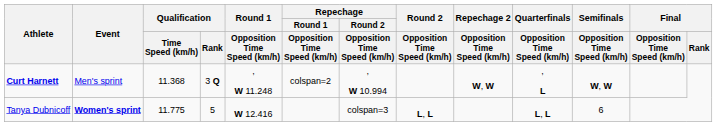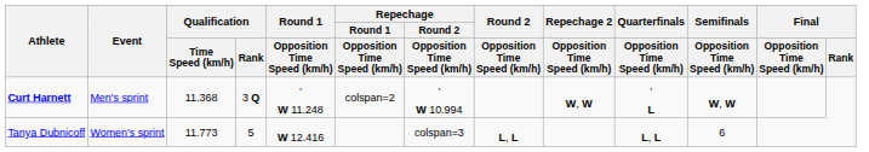 <table class="wikitable" style="font-size:90%">
 <tr>
 <th rowspan=3>Athlete</th>
 <th rowspan=3>Event</th>
 <th rowspan=2 colspan=2>Qualification</th>
 <th rowspan=2>Round 1</th>
 <th colspan=2>Repechage</th>
 <th rowspan=2>Round 2</th>
 <th rowspan=2>Repechage 2</th>
 <th rowspan=2>Quarterfinals</th>
 <th rowspan=2>Semifinals</th>
 <th rowspan=2 colspan=2>Final</th>
 </tr>
 <tr style="font-size:95%">
 <th>Round 1</th>
 <th>Round 2</th>
 </tr>
 <tr style="font-size:95%">
 <th>Time<br>Speed (km/h)</th>
 <th>Rank</th>
 <th>Opposition<br>Time<br>Speed (km/h)</th>
 <th>Opposition<br>Time<br>Speed (km/h)</th>
 <th>Opposition<br>Time<br>Speed (km/h)</th>
 <th>Opposition<br>Time<br>Speed (km/h)</th>
 <th>Opposition<br>Time<br>Speed (km/h)</th>
 <th>Opposition<br>Time<br>Speed (km/h)</th>
 <th>Opposition<br>Time<br>Speed (km/h)</th>
 <th>Opposition<br>Time<br>Speed (km/h)</th>
 <th>Rank</th>
 </tr>
 <tr align=center>
 <td align=left><strong><a href='#'>Curt Harnett</a></strong></td>
 <td align=left><a href='#'>Men's sprint</a></td>
 <td>11.368</td>
 <td>3 <strong>Q</strong></td>
 <td>,<br><br><strong>W</strong> 11.248</td>
 <td>colspan=2</td>
 <td>,<br><br><strong>W</strong> 10.994</td>
 <td></td>
 <td><br><strong>W</strong>, <strong>W</strong></td>
 <td>,<br><br><strong>L</strong></td>
 <td><br><strong>W</strong>, <strong>W</strong></td>
 <td></td>
 </tr>
 <tr align=center>
 <td align=left><a href='#'>Tanya Dubnicoff</a></td>
-<td align=left><strong><a href='#'>Women's sprint</a></strong></td>
-<td>11.775</td>
+<td align=left><a href='#'>Women's sprint</a></td>
+<td>11.773</td>
 <td>5</td>
 <td><br><strong>W</strong> 12.416</td>
 <td></td>
 <td>colspan=3</td>
 <td><br><strong>L</strong>, <strong>L</strong></td>
 <td></td>
 <td><br><strong>L</strong>, <strong>L</strong></td>
 <td>6</td>
 </tr>
 </table>
